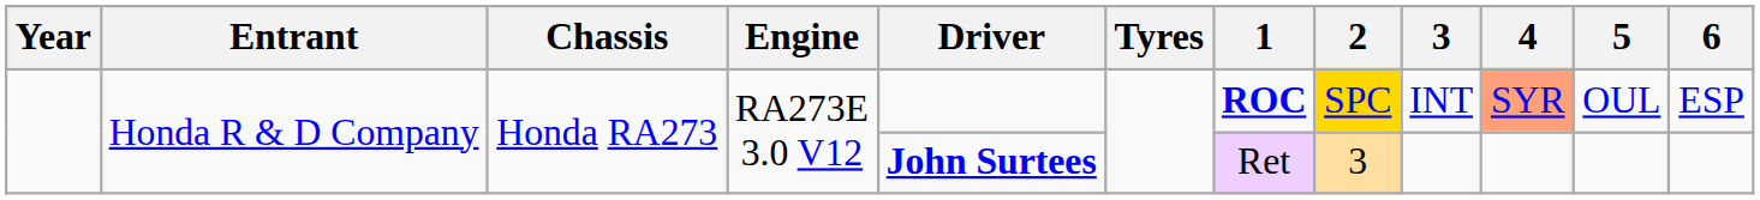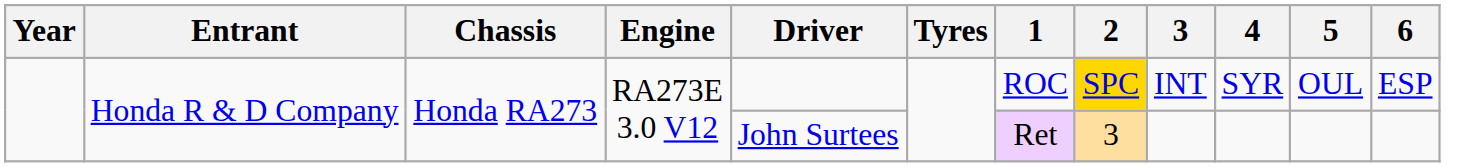 <table class="wikitable" style="text-align:center; font-size:90%">
 <tr>
 <th>Year</th>
 <th>Entrant</th>
 <th>Chassis</th>
 <th>Engine</th>
 <th>Driver</th>
 <th>Tyres</th>
 <th>1</th>
 <th>2</th>
 <th>3</th>
 <th>4</th>
 <th>5</th>
 <th>6</th>
 </tr>
 <tr>
 <td rowspan=2></td>
 <td rowspan=2><a href='#'>Honda R & D Company</a></td>
 <td rowspan="2"><a href='#'>Honda</a> <a href='#'>RA273</a></td>
 <td rowspan="2">RA273E<br>3.0 <a href='#'>V12</a></td>
 <td></td>
 <td rowspan=2></td>
-<td><strong><a href='#'>ROC</a></strong></td>
+<td><a href='#'>ROC</a></td>
 <td style="background: gold;"><a href='#'>SPC</a></td>
 <td><a href='#'>INT</a></td>
-<td style="background: lightsalmon;"><a href='#'>SYR</a></td>
+<td><a href='#'>SYR</a></td>
 <td><a href='#'>OUL</a></td>
 <td><a href='#'>ESP</a></td>
 </tr>
 <tr>
-<td align="left"><strong> <a href='#'>John Surtees</a></strong></td>
+<td align="left"> <a href='#'>John Surtees</a></td>
 <td style="background:#EFCFFF;">Ret</td>
 <td style="background:#FFDF9F;">3</td>
 <td></td>
 <td></td>
 <td></td>
 <td></td>
 </tr>
 </table>
